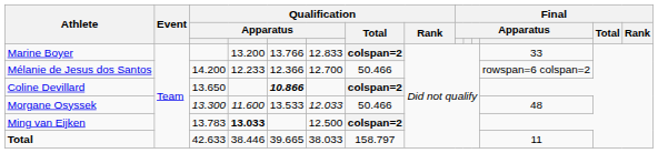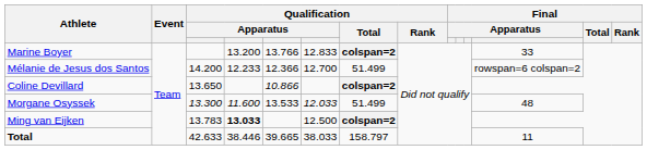 <table class=wikitable style=font-size:90%;text-align:center>
 <tr>
 <th rowspan=3>Athlete</th>
 <th rowspan=3>Event</th>
 <th colspan=6>Qualification</th>
 <th colspan=6>Final</th>
 </tr>
 <tr style=font-size:95%>
 <th colspan=4>Apparatus</th>
 <th rowspan=2>Total</th>
 <th rowspan=2>Rank</th>
 <th colspan=4>Apparatus</th>
 <th rowspan=2>Total</th>
 <th rowspan=2>Rank</th>
 </tr>
 <tr style=font-size:95%>
 <th></th>
 <th></th>
 <th></th>
 <th></th>
 <th></th>
 <th></th>
 <th></th>
 <th></th>
 </tr>
 <tr>
 <td align=left><a href='#'>Marine Boyer</a></td>
 <td align=left rowspan=6><a href='#'>Team</a></td>
 <td></td>
 <td align=center>13.200</td>
 <td align=center>13.766</td>
 <td align=center>12.833</td>
 <th>colspan=2 </th>
 <td rowspan=6 colspan=4><em>Did not qualify</em></td>
 <td align=center>33</td>
 </tr>
 <tr>
 <td align=left><a href='#'>Mélanie de Jesus dos Santos</a></td>
 <td align=center>14.200</td>
 <td align=center>12.233</td>
 <td align=center>12.366</td>
 <td align=center>12.700</td>
-<td align=center>50.466</td>
+<td align=center>51.499</td>
 <td>rowspan=6 colspan=2 </td>
 </tr>
 <tr>
 <td align=left><a href='#'>Coline Devillard</a></td>
 <td align=center>13.650</td>
 <td></td>
-<td align=center><strong><em>10.866</em></strong></td>
+<td align=center><em>10.866</em></td>
 <td></td>
 <th>colspan=2 </th>
 </tr>
 <tr>
 <td align=left><a href='#'>Morgane Osyssek</a></td>
 <td align=center><em>13.300</em></td>
 <td align=center><em>11.600</em></td>
 <td align=center>13.533</td>
 <td align=center><em>12.033</em></td>
-<td align=center>50.466</td>
+<td align=center>51.499</td>
 <td align=center>48</td>
 </tr>
 <tr>
 <td align=left><a href='#'>Ming van Eijken</a></td>
 <td align=center>13.783</td>
 <td align=center><strong>13.033</strong></td>
 <td></td>
 <td align=left>12.500</td>
 <th>colspan=2 </th>
 </tr>
 <tr>
 <td align=left><strong>Total</strong></td>
 <td align=center>42.633</td>
 <td align=center>38.446</td>
 <td align=center>39.665</td>
 <td align=center>38.033</td>
 <td align=center>158.797</td>
 <td align=center>11</td>
 </tr>
 </table>
